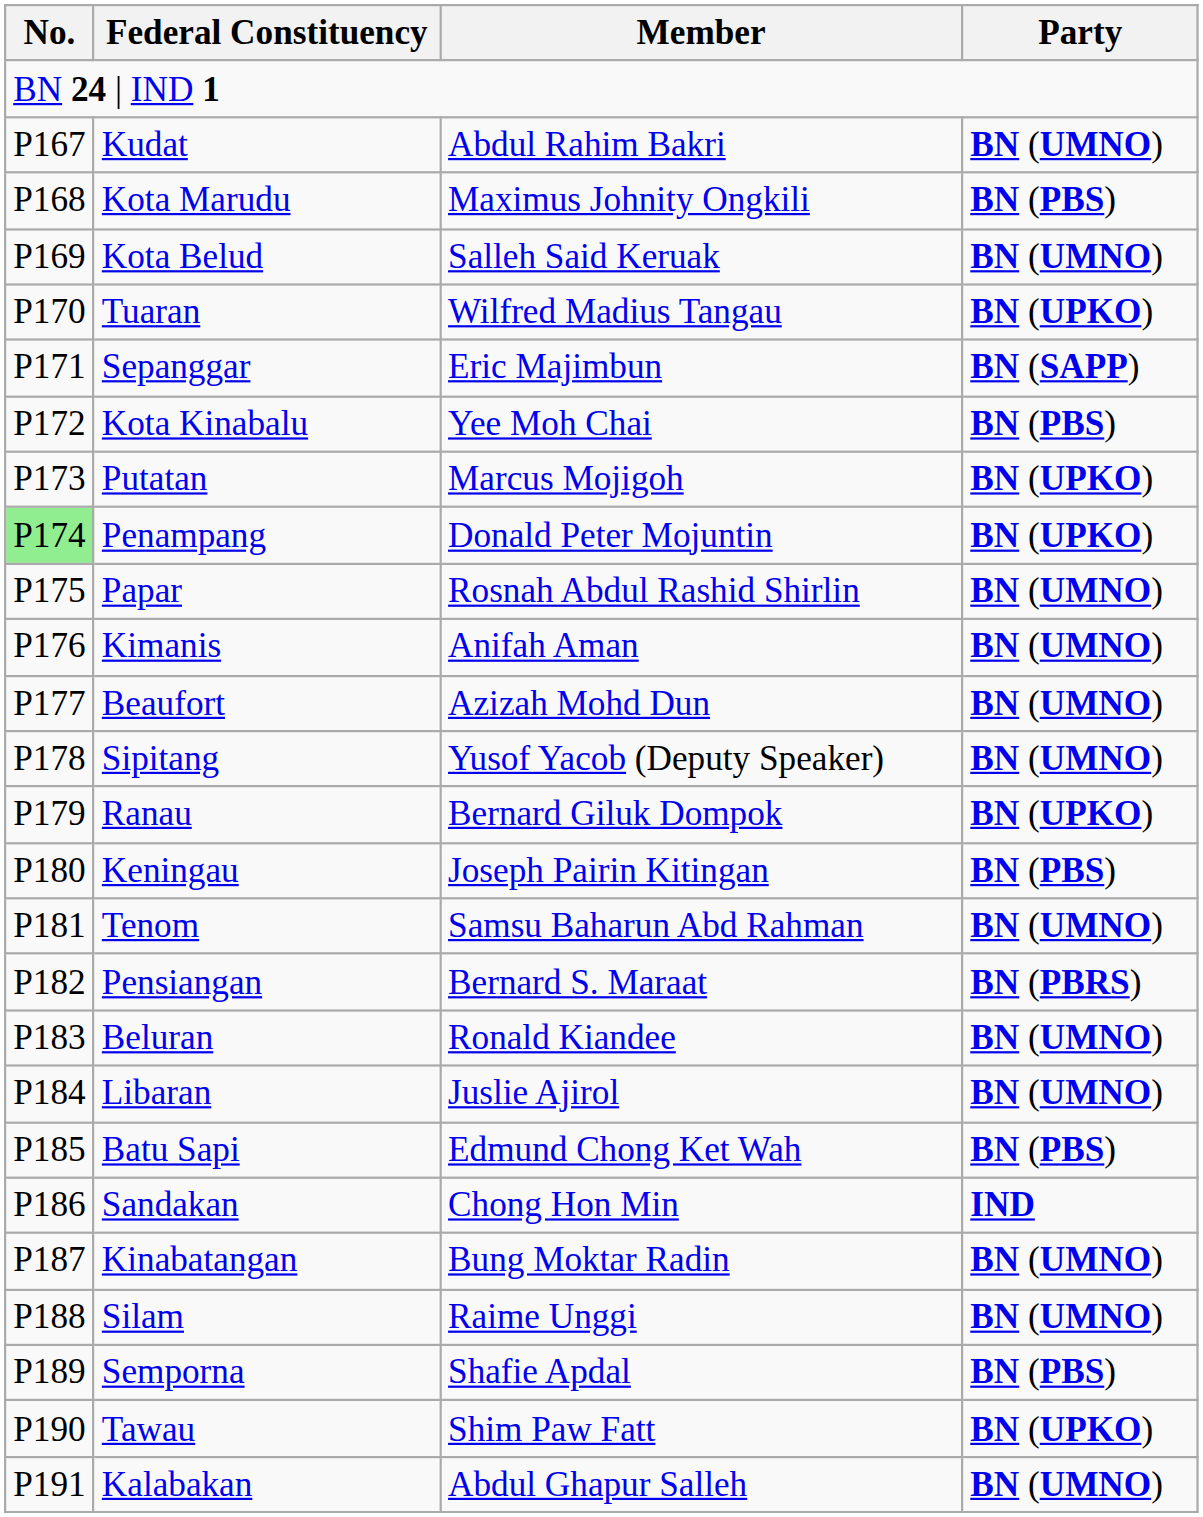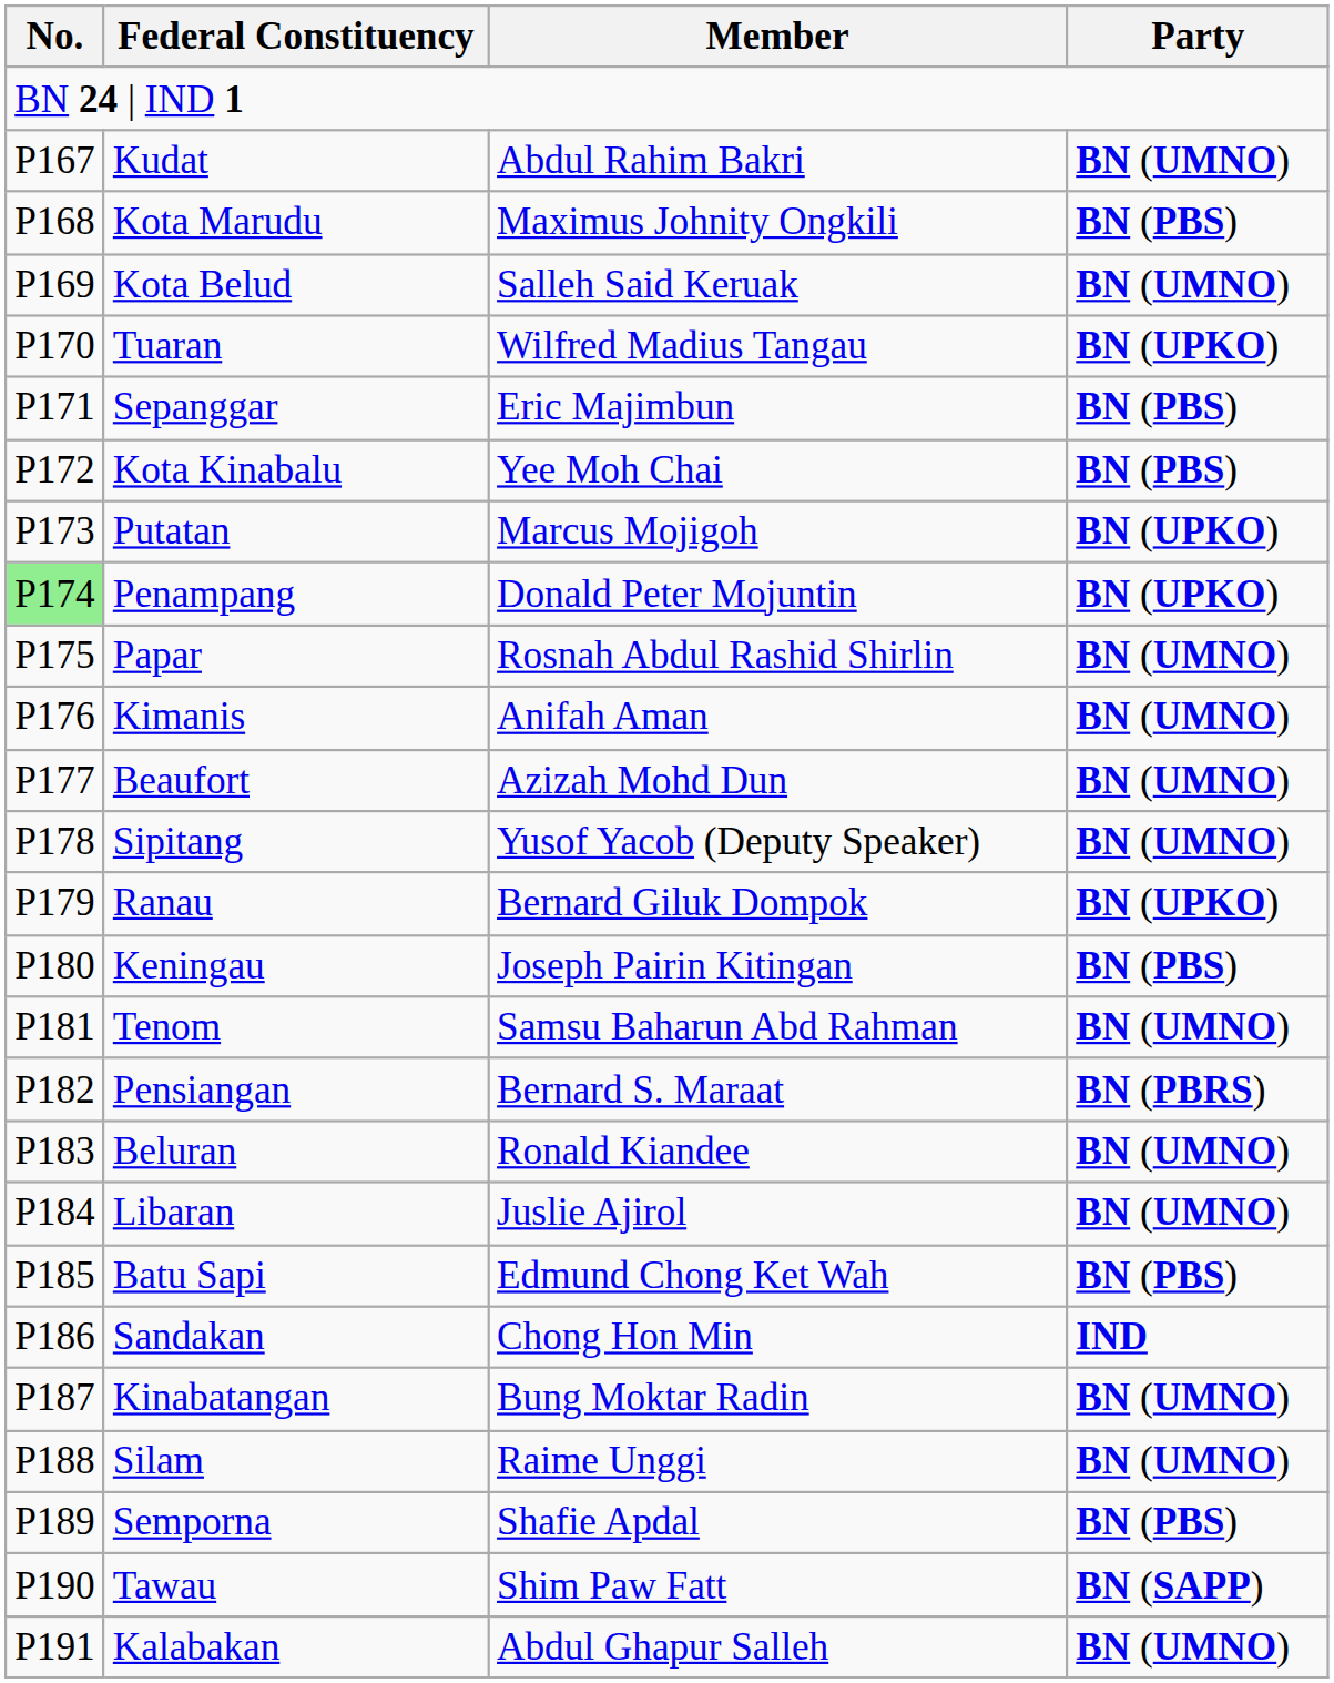 <table class="wikitable sortable">
 <tr>
 <th style="width:30px;">No.</th>
 <th style="width:150px;">Federal Constituency</th>
 <th style="width:230px;">Member</th>
 <th style="width:100px;">Party</th>
 </tr>
 <tr>
 <td colspan="4"><a href='#'>BN</a> <strong>24</strong> | <a href='#'>IND</a> <strong>1</strong></td>
 </tr>
 <tr>
 <td>P167</td>
 <td><a href='#'>Kudat</a></td>
 <td><a href='#'>Abdul Rahim Bakri</a></td>
 <td><strong><a href='#'>BN</a></strong> (<strong><a href='#'>UMNO</a></strong>)</td>
 </tr>
 <tr>
 <td>P168</td>
 <td><a href='#'>Kota Marudu</a></td>
 <td><a href='#'>Maximus Johnity Ongkili</a></td>
 <td><strong><a href='#'>BN</a></strong> (<strong><a href='#'>PBS</a></strong>)</td>
 </tr>
 <tr>
 <td>P169</td>
 <td><a href='#'>Kota Belud</a></td>
 <td><a href='#'>Salleh Said Keruak</a></td>
 <td><strong><a href='#'>BN</a></strong> (<strong><a href='#'>UMNO</a></strong>)</td>
 </tr>
 <tr>
 <td>P170</td>
 <td><a href='#'>Tuaran</a></td>
 <td><a href='#'>Wilfred Madius Tangau</a></td>
 <td><strong><a href='#'>BN</a></strong> (<strong><a href='#'>UPKO</a></strong>)</td>
 </tr>
 <tr>
 <td>P171</td>
 <td><a href='#'>Sepanggar</a></td>
 <td><a href='#'>Eric Majimbun</a></td>
-<td><strong><a href='#'>BN</a></strong> (<strong><a href='#'>SAPP</a></strong>)</td>
+<td><strong><a href='#'>BN</a></strong> (<strong><a href='#'>PBS</a></strong>)</td>
 </tr>
 <tr>
 <td>P172</td>
 <td><a href='#'>Kota Kinabalu</a></td>
 <td><a href='#'>Yee Moh Chai</a></td>
 <td><strong><a href='#'>BN</a></strong> (<strong><a href='#'>PBS</a></strong>)</td>
 </tr>
 <tr>
 <td>P173</td>
 <td><a href='#'>Putatan</a></td>
 <td><a href='#'>Marcus Mojigoh</a></td>
 <td><strong><a href='#'>BN</a></strong> (<strong><a href='#'>UPKO</a></strong>)</td>
 </tr>
 <tr>
 <td style="background: lightgreen;">P174</td>
 <td><a href='#'>Penampang</a></td>
 <td><a href='#'>Donald Peter Mojuntin</a></td>
 <td><strong><a href='#'>BN</a></strong> (<strong><a href='#'>UPKO</a></strong>)</td>
 </tr>
 <tr>
 <td>P175</td>
 <td><a href='#'>Papar</a></td>
 <td><a href='#'>Rosnah Abdul Rashid Shirlin</a></td>
 <td><strong><a href='#'>BN</a></strong> (<strong><a href='#'>UMNO</a></strong>)</td>
 </tr>
 <tr>
 <td>P176</td>
 <td><a href='#'>Kimanis</a></td>
 <td><a href='#'>Anifah Aman</a></td>
 <td><strong><a href='#'>BN</a></strong> (<strong><a href='#'>UMNO</a></strong>)</td>
 </tr>
 <tr>
 <td>P177</td>
 <td><a href='#'>Beaufort</a></td>
 <td><a href='#'>Azizah Mohd Dun</a></td>
 <td><strong><a href='#'>BN</a></strong> (<strong><a href='#'>UMNO</a></strong>)</td>
 </tr>
 <tr>
 <td>P178</td>
 <td><a href='#'>Sipitang</a></td>
 <td><a href='#'>Yusof Yacob</a> (Deputy Speaker)</td>
 <td><strong><a href='#'>BN</a></strong> (<strong><a href='#'>UMNO</a></strong>)</td>
 </tr>
 <tr>
 <td>P179</td>
 <td><a href='#'>Ranau</a></td>
 <td><a href='#'>Bernard Giluk Dompok</a></td>
 <td><strong><a href='#'>BN</a></strong> (<strong><a href='#'>UPKO</a></strong>)</td>
 </tr>
 <tr>
 <td>P180</td>
 <td><a href='#'>Keningau</a></td>
 <td><a href='#'>Joseph Pairin Kitingan</a></td>
 <td><strong><a href='#'>BN</a></strong> (<strong><a href='#'>PBS</a></strong>)</td>
 </tr>
 <tr>
 <td>P181</td>
 <td><a href='#'>Tenom</a></td>
 <td><a href='#'>Samsu Baharun Abd Rahman</a></td>
 <td><strong><a href='#'>BN</a></strong> (<strong><a href='#'>UMNO</a></strong>)</td>
 </tr>
 <tr>
 <td>P182</td>
 <td><a href='#'>Pensiangan</a></td>
 <td><a href='#'>Bernard S. Maraat</a></td>
 <td><strong><a href='#'>BN</a></strong> (<strong><a href='#'>PBRS</a></strong>)</td>
 </tr>
 <tr>
 <td>P183</td>
 <td><a href='#'>Beluran</a></td>
 <td><a href='#'>Ronald Kiandee</a></td>
 <td><strong><a href='#'>BN</a></strong> (<strong><a href='#'>UMNO</a></strong>)</td>
 </tr>
 <tr>
 <td>P184</td>
 <td><a href='#'>Libaran</a></td>
 <td><a href='#'>Juslie Ajirol</a></td>
 <td><strong><a href='#'>BN</a></strong> (<strong><a href='#'>UMNO</a></strong>)</td>
 </tr>
 <tr>
 <td>P185</td>
 <td><a href='#'>Batu Sapi</a></td>
 <td><a href='#'>Edmund Chong Ket Wah</a></td>
 <td><strong><a href='#'>BN</a></strong> (<strong><a href='#'>PBS</a></strong>)</td>
 </tr>
 <tr>
 <td>P186</td>
 <td><a href='#'>Sandakan</a></td>
 <td><a href='#'>Chong Hon Min</a></td>
 <td><strong><a href='#'>IND</a></strong></td>
 </tr>
 <tr>
 <td>P187</td>
 <td><a href='#'>Kinabatangan</a></td>
 <td><a href='#'>Bung Moktar Radin</a></td>
 <td><strong><a href='#'>BN</a></strong> (<strong><a href='#'>UMNO</a></strong>)</td>
 </tr>
 <tr>
 <td>P188</td>
 <td><a href='#'>Silam</a></td>
 <td><a href='#'>Raime Unggi</a></td>
 <td><strong><a href='#'>BN</a></strong> (<strong><a href='#'>UMNO</a></strong>)</td>
 </tr>
 <tr>
 <td>P189</td>
 <td><a href='#'>Semporna</a></td>
 <td><a href='#'>Shafie Apdal</a></td>
 <td><strong><a href='#'>BN</a></strong> (<strong><a href='#'>PBS</a></strong>)</td>
 </tr>
 <tr>
 <td>P190</td>
 <td><a href='#'>Tawau</a></td>
 <td><a href='#'>Shim Paw Fatt</a></td>
-<td><strong><a href='#'>BN</a></strong> (<strong><a href='#'>UPKO</a></strong>)</td>
+<td><strong><a href='#'>BN</a></strong> (<strong><a href='#'>SAPP</a></strong>)</td>
 </tr>
 <tr>
 <td>P191</td>
 <td><a href='#'>Kalabakan</a></td>
 <td><a href='#'>Abdul Ghapur Salleh</a></td>
 <td><strong><a href='#'>BN</a></strong> (<strong><a href='#'>UMNO</a></strong>)</td>
 </tr>
 </table>
